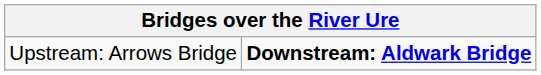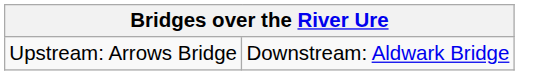 <table class="wikitable">
 <tr>
 <th colspan=2>Bridges over the <a href='#'>River Ure</a></th>
 </tr>
 <tr>
 <td>Upstream: Arrows Bridge</td>
-<td><strong>Downstream: <a href='#'>Aldwark Bridge</a></strong></td>
+<td>Downstream: <a href='#'>Aldwark Bridge</a></td>
 </tr>
 </table>
